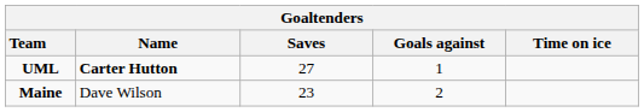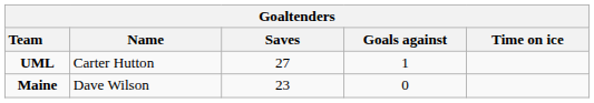 <table class="wikitable" style="width:40em; text-align:right;">
 <tr>
 <th colspan=5>Goaltenders</th>
 </tr>
 <tr>
 <th style="width:4em; text-align:left;">Team</th>
 <th style="width:10em;">Name</th>
 <th style="width:8em;">Saves</th>
 <th style="width:8em;">Goals against</th>
 <th style="width:8em;">Time on ice</th>
 </tr>
 <tr>
 <td align=center><strong>UML</strong></td>
-<td style="text-align:left;"><strong>Carter Hutton</strong></td>
+<td style="text-align:left;">Carter Hutton</td>
 <td align=center>27</td>
 <td align=center>1</td>
 <td align=center></td>
 </tr>
 <tr>
 <td align=center><strong>Maine</strong></td>
 <td style="text-align:left;">Dave Wilson</td>
 <td align=center>23</td>
-<td align=center>2</td>
+<td align=center>0</td>
 <td align=center></td>
 </tr>
 </table>
